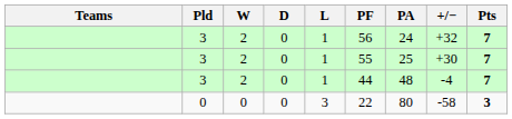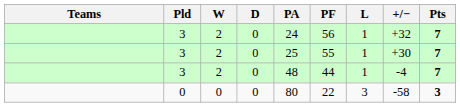 <table class="wikitable" style="text-align: center;">
 <tr>
 <th width="200">Teams</th>
 <th width="40">Pld</th>
 <th width="40">W</th>
 <th width="40">D</th>
+<th width="40">PA</th>
+<th width="40">PF</th>
 <th width="40">L</th>
-<th width="40">PF</th>
-<th width="40">PA</th>
 <th width="40">+/−</th>
 <th width="40">Pts</th>
 </tr>
 <tr bgcolor=#ccffcc>
 <td align=left></td>
 <td>3</td>
 <td>2</td>
 <td>0</td>
+<td>24</td>
+<td>56</td>
 <td>1</td>
-<td>56</td>
-<td>24</td>
 <td>+32</td>
 <td><strong>7</strong></td>
 </tr>
 <tr bgcolor=#ccffcc>
 <td align=left></td>
 <td>3</td>
 <td>2</td>
 <td>0</td>
+<td>25</td>
+<td>55</td>
 <td>1</td>
-<td>55</td>
-<td>25</td>
 <td>+30</td>
 <td><strong>7</strong></td>
 </tr>
 <tr bgcolor=#ccffcc>
 <td align=left></td>
 <td>3</td>
 <td>2</td>
 <td>0</td>
+<td>48</td>
+<td>44</td>
 <td>1</td>
-<td>44</td>
-<td>48</td>
 <td>-4</td>
 <td><strong>7</strong></td>
 </tr>
 <tr>
 <td align=left></td>
 <td>0</td>
 <td>0</td>
 <td>0</td>
+<td>80</td>
+<td>22</td>
 <td>3</td>
-<td>22</td>
-<td>80</td>
 <td>-58</td>
 <td><strong>3</strong></td>
 </tr>
 </table>
